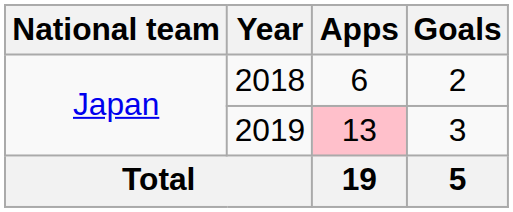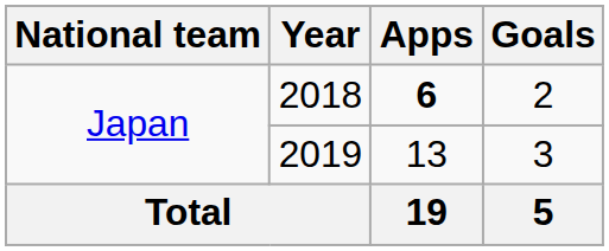 <table class="wikitable" style="text-align:center">
 <tr>
 <th>National team</th>
 <th>Year</th>
 <th>Apps</th>
 <th>Goals</th>
 </tr>
 <tr>
 <td rowspan="2"><a href='#'>Japan</a></td>
 <td>2018</td>
-<td>6</td>
+<td><strong>6</strong></td>
 <td>2</td>
 </tr>
 <tr>
 <td>2019</td>
-<td style="background: pink;">13</td>
+<td>13</td>
 <td>3</td>
 </tr>
 <tr>
 <th colspan="2">Total</th>
 <th>19</th>
 <th>5</th>
 </tr>
 </table>
